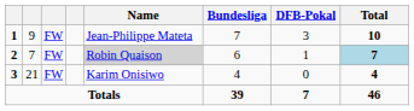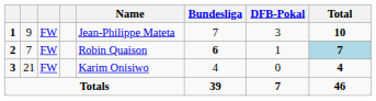 <table class="wikitable" style="text-align:center">
 <tr>
 <th width=15></th>
 <th width=15></th>
 <th width=15></th>
 <th width=15></th>
 <th width=145>Name</th>
 <th width=80><a href='#'>Bundesliga</a></th>
 <th width=80><a href='#'>DFB-Pokal</a></th>
 <th width=80>Total</th>
 </tr>
 <tr>
 <td><strong>1</strong></td>
 <td>9</td>
 <td><a href='#'>FW</a></td>
 <td></td>
 <td align=left><a href='#'>Jean-Philippe Mateta</a></td>
 <td>7</td>
 <td>3</td>
 <td><strong>10</strong></td>
 </tr>
 <tr>
 <td><strong>2</strong></td>
 <td>7</td>
 <td><a href='#'>FW</a></td>
 <td></td>
-<td align=left style="background: lightgrey;"><a href='#'>Robin Quaison</a></td>
-<td>6</td>
+<td align=left><a href='#'>Robin Quaison</a></td>
+<td><strong>6</strong></td>
 <td>1</td>
 <td style="background: lightblue;"><strong>7</strong></td>
 </tr>
 <tr>
 <td><strong>3</strong></td>
 <td>21</td>
 <td><a href='#'>FW</a></td>
 <td></td>
 <td align=left><a href='#'>Karim Onisiwo</a></td>
 <td>4</td>
 <td>0</td>
 <td><strong>4</strong></td>
 </tr>
 <tr>
 <td colspan=5><strong>Totals</strong></td>
 <td><strong>39</strong></td>
 <td><strong>7</strong></td>
 <td><strong>46</strong></td>
 </tr>
 </table>
